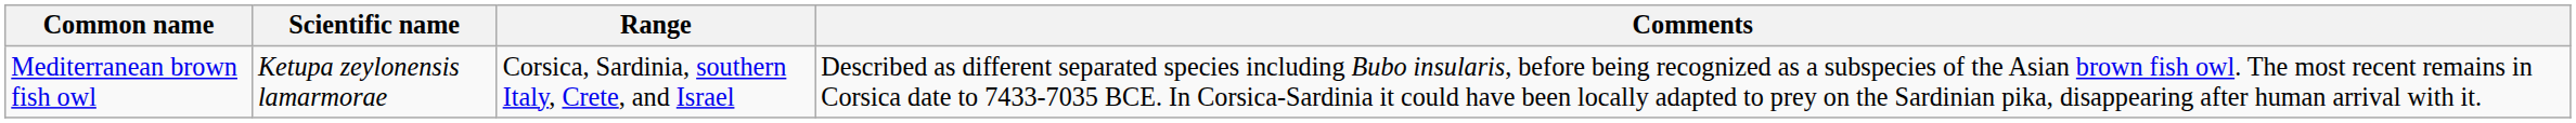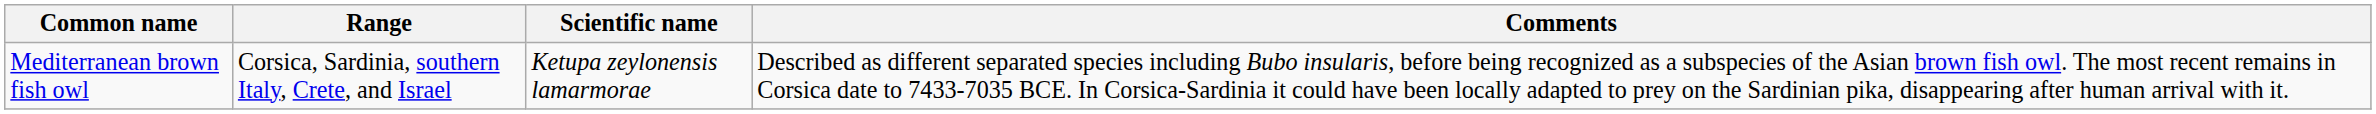 <table class="wikitable">
 <tr>
 <th>Common name</th>
+<th>Range</th>
 <th>Scientific name</th>
-<th>Range</th>
 <th class="unsortable">Comments</th>
 </tr>
 <tr>
 <td><a href='#'>Mediterranean brown fish owl</a></td>
+<td>Corsica, Sardinia, <a href='#'>southern Italy</a>, <a href='#'>Crete</a>, and <a href='#'>Israel</a></td>
 <td><em>Ketupa zeylonensis lamarmorae</em></td>
-<td>Corsica, Sardinia, <a href='#'>southern Italy</a>, <a href='#'>Crete</a>, and <a href='#'>Israel</a></td>
 <td>Described as different separated species including <em>Bubo insularis</em>, before being recognized as a subspecies of the Asian <a href='#'>brown fish owl</a>. The most recent remains in Corsica date to 7433-7035 BCE. In Corsica-Sardinia it could have been locally adapted to prey on the Sardinian pika, disappearing after human arrival with it.</td>
 </tr>
 </table>
